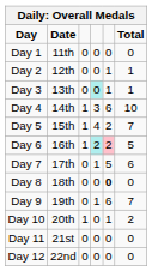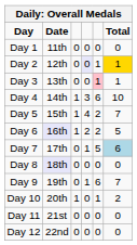 <table class="wikitable" style="font-size:100%" align="left">
 <tr bgcolor="#efefef">
 <th colspan=10><strong>Daily: Overall Medals</strong></th>
 </tr>
 <tr style="text-align:center;">
 <td><strong>Day</strong></td>
 <td><strong>Date</strong></td>
 <td></td>
 <td></td>
 <td></td>
 <td><strong>Total</strong></td>
 </tr>
 <tr style="text-align:center;">
 <td>Day 1</td>
 <td>11th</td>
 <td>0</td>
 <td>0</td>
 <td>0</td>
 <td>0</td>
 </tr>
 <tr style="text-align:center;">
 <td>Day 2</td>
 <td>12th</td>
 <td>0</td>
-<td>0</td>
+<td style="background: lavender;">0</td>
 <td>1</td>
-<td>1</td>
+<td style="background: gold;">1</td>
 </tr>
 <tr style="text-align:center;">
 <td>Day 3</td>
 <td>13th</td>
 <td>0</td>
-<td style="background: paleturquoise;">0</td>
-<td>1</td>
+<td>0</td>
+<td style="background: pink;">1</td>
 <td>1</td>
 </tr>
 <tr style="text-align:center;">
 <td>Day 4</td>
 <td>14th</td>
 <td>1</td>
 <td>3</td>
 <td>6</td>
 <td>10</td>
 </tr>
 <tr style="text-align:center;">
 <td>Day 5</td>
 <td>15th</td>
 <td>1</td>
 <td>4</td>
 <td>2</td>
 <td>7</td>
 </tr>
 <tr style="text-align:center;">
 <td>Day 6</td>
-<td>16th</td>
+<td style="background: lavender;">16th</td>
 <td>1</td>
-<td style="background: paleturquoise;">2</td>
-<td style="background: pink;">2</td>
+<td>2</td>
+<td>2</td>
 <td>5</td>
 </tr>
 <tr style="text-align:center;">
 <td>Day 7</td>
 <td>17th</td>
 <td>0</td>
 <td>1</td>
 <td>5</td>
-<td>6</td>
+<td style="background: lightblue;">6</td>
 </tr>
 <tr style="text-align:center;">
 <td>Day 8</td>
-<td>18th</td>
+<td style="background: lavender;">18th</td>
 <td>0</td>
 <td>0</td>
-<td><strong>0</strong></td>
+<td>0</td>
 <td>0</td>
 </tr>
 <tr style="text-align:center;">
 <td>Day 9</td>
 <td>19th</td>
 <td>0</td>
 <td>1</td>
 <td>6</td>
 <td>7</td>
 </tr>
 <tr style="text-align:center;">
 <td>Day 10</td>
 <td>20th</td>
 <td>1</td>
 <td>0</td>
 <td>1</td>
 <td>2</td>
 </tr>
 <tr style="text-align:center;">
 <td>Day 11</td>
 <td>21st</td>
 <td>0</td>
 <td>0</td>
 <td>0</td>
 <td>0</td>
 </tr>
 <tr style="text-align:center;">
 <td>Day 12</td>
 <td>22nd</td>
 <td>0</td>
 <td>0</td>
 <td>0</td>
 <td>0</td>
 </tr>
 </table>
